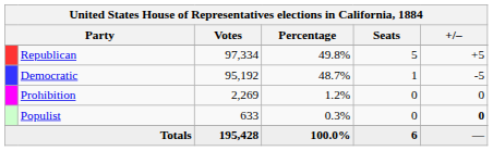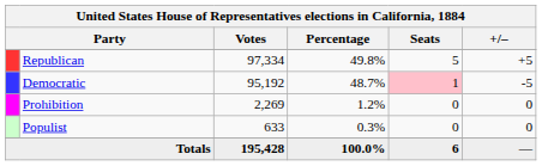 <table class="wikitable" style="font-size: 95%;">
 <tr>
 <th colspan="6">United States House of Representatives elections in California, 1884</th>
 </tr>
 <tr>
 <th colspan=2 style="width: 15em">Party</th>
 <th style="width: 5em">Votes</th>
 <th style="width: 7em">Percentage</th>
 <th style="width: 5em">Seats</th>
 <th style="width: 5em">+/–</th>
 </tr>
 <tr>
 </tr>
 <tr>
 <th style="background-color:#FF3333; width: 3px"></th>
 <td style="width: 130px"><a href='#'>Republican</a></td>
 <td style="text-align:right;">97,334</td>
 <td style="text-align:right;">49.8%</td>
 <td style="text-align:right;">5</td>
 <td style="text-align:right;">+5</td>
 </tr>
 <tr>
 <th style="background-color:#3333FF; width: 3px"></th>
 <td style="width: 130px"><a href='#'>Democratic</a></td>
 <td style="text-align:right;">95,192</td>
 <td style="text-align:right;">48.7%</td>
-<td style="text-align:right;">1</td>
+<td style="background: pink; text-align:right;">1</td>
 <td style="text-align:right;">-5</td>
 </tr>
 <tr>
 <th style="background-color:#FF00FF; width: 3px"></th>
 <td style="width: 130px"><a href='#'>Prohibition</a></td>
 <td style="text-align:right;">2,269</td>
 <td style="text-align:right;">1.2%</td>
 <td style="text-align:right;">0</td>
 <td style="text-align:right;">0</td>
 </tr>
 <tr>
 <th style="background-color:#CCFFCC; width: 3px"></th>
 <td style="width: 130px"><a href='#'>Populist</a></td>
 <td style="text-align:right;">633</td>
 <td style="text-align:right;">0.3%</td>
 <td style="text-align:right;">0</td>
-<td style="text-align:right;"><strong>0</strong></td>
+<td style="text-align:right;">0</td>
 </tr>
 <tr>
 </tr>
 <tr style="background-color:#EEEEEE;">
 <td colspan="2" align="right"><strong>Totals</strong></td>
 <td style="text-align:right;"><strong>195,428</strong></td>
 <td style="text-align:right;"><strong>100.0%</strong></td>
 <td style="text-align:right;"><strong>6</strong></td>
 <td style="text-align:right;"><strong>—</strong></td>
 </tr>
 </table>
